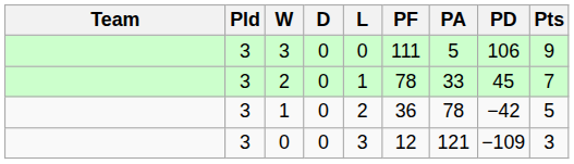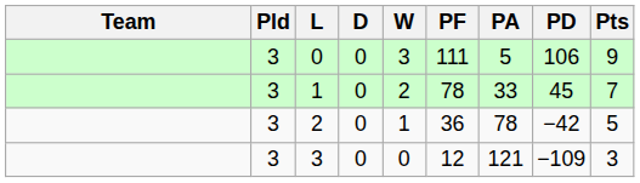 <table class="wikitable" style="text-align:center;">
 <tr>
 <th width=175>Team</th>
 <th width=25 abbr="Played">Pld</th>
+<th width=25 abbr="Lost">L</th>
+<th width=25 abbr="Drawn">D</th>
 <th width=25 abbr="Won">W</th>
-<th width=25 abbr="Drawn">D</th>
-<th width=25 abbr="Lost">L</th>
 <th width=32 abbr="Points for">PF</th>
 <th width=32 abbr="Points against">PA</th>
 <th width=32 abbr="Points difference">PD</th>
 <th width=25 abbr="Points">Pts</th>
 </tr>
 <tr bgcolor="#ccffcc">
 <td align=left></td>
 <td>3</td>
-<td>3</td>
 <td>0</td>
 <td>0</td>
+<td>3</td>
 <td>111</td>
 <td>5</td>
 <td>106</td>
 <td>9</td>
 </tr>
 <tr bgcolor="#ccffcc">
 <td align=left></td>
 <td>3</td>
+<td>1</td>
+<td>0</td>
 <td>2</td>
-<td>0</td>
-<td>1</td>
 <td>78</td>
 <td>33</td>
 <td>45</td>
 <td>7</td>
 </tr>
 <tr>
 <td align=left></td>
 <td>3</td>
+<td>2</td>
+<td>0</td>
 <td>1</td>
-<td>0</td>
-<td>2</td>
 <td>36</td>
 <td>78</td>
 <td>−42</td>
 <td>5</td>
 </tr>
 <tr>
 <td align=left></td>
 <td>3</td>
+<td>3</td>
 <td>0</td>
 <td>0</td>
-<td>3</td>
 <td>12</td>
 <td>121</td>
 <td>−109</td>
 <td>3</td>
 </tr>
 </table>
